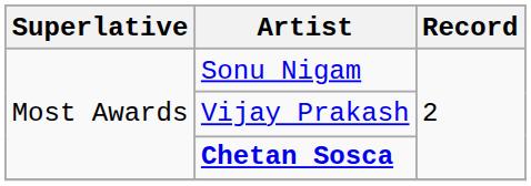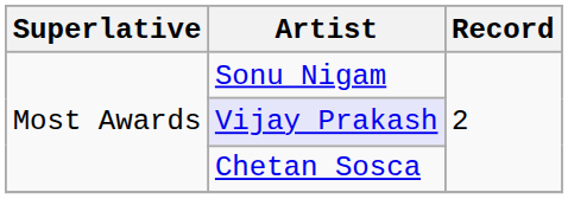 <table class="wikitable">
 <tr>
 <th>Superlative</th>
 <th>Artist</th>
 <th>Record</th>
 </tr>
 <tr>
 <td rowspan="3">Most Awards</td>
 <td><a href='#'>Sonu Nigam</a></td>
 <td rowspan="3">2</td>
 </tr>
 <tr>
-<td><a href='#'>Vijay Prakash</a></td>
+<td style="background: lavender;"><a href='#'>Vijay Prakash</a></td>
 </tr>
 <tr>
-<td><strong><a href='#'>Chetan Sosca</a></strong></td>
+<td><a href='#'>Chetan Sosca</a></td>
 </tr>
 <tr>
 </tr>
 </table>
